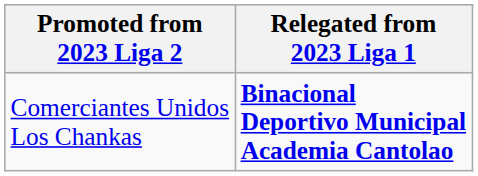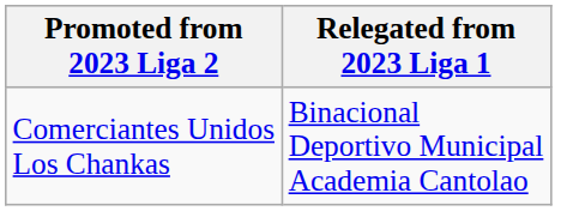 <table class="wikitable">
 <tr>
 <th>Promoted from<br><a href='#'>2023 Liga 2</a></th>
 <th>Relegated from<br><a href='#'>2023 Liga 1</a></th>
 </tr>
 <tr>
 <td> <a href='#'>Comerciantes Unidos</a> <br> <a href='#'>Los Chankas</a> </td>
-<td><strong> <a href='#'>Binacional</a> <br> <a href='#'>Deportivo Municipal</a> <br> <a href='#'>Academia Cantolao</a> </strong></td>
+<td> <a href='#'>Binacional</a> <br> <a href='#'>Deportivo Municipal</a> <br> <a href='#'>Academia Cantolao</a> </td>
 </tr>
 </table>
